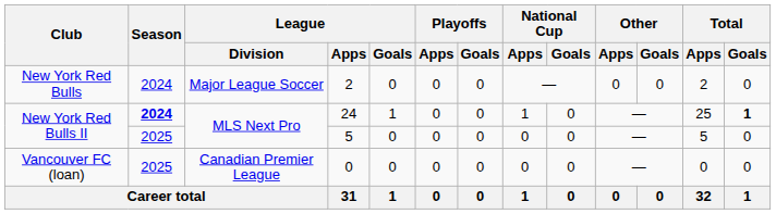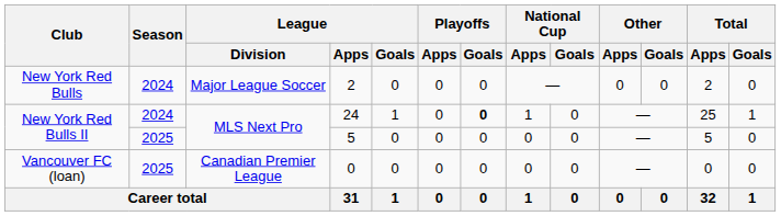 <table class=wikitable style=text-align:center>
 <tr>
 <th rowspan=2>Club</th>
 <th rowspan=2>Season</th>
 <th colspan=3>League</th>
 <th colspan=2>Playoffs</th>
 <th colspan=2>National Cup</th>
 <th colspan=2>Other</th>
 <th colspan=2>Total</th>
 </tr>
 <tr>
 <th>Division</th>
 <th>Apps</th>
 <th>Goals</th>
 <th>Apps</th>
 <th>Goals</th>
 <th>Apps</th>
 <th>Goals</th>
 <th>Apps</th>
 <th>Goals</th>
 <th>Apps</th>
 <th>Goals</th>
 </tr>
 <tr>
 <td><a href='#'>New York Red Bulls</a></td>
 <td><a href='#'>2024</a></td>
 <td><a href='#'>Major League Soccer</a></td>
 <td>2</td>
 <td>0</td>
 <td>0</td>
 <td>0</td>
 <td colspan=2>—</td>
 <td>0</td>
 <td>0</td>
 <td>2</td>
 <td>0</td>
 </tr>
 <tr>
 <td rowspan="2"><a href='#'>New York Red Bulls II</a></td>
-<td><strong><a href='#'>2024</a></strong></td>
+<td><a href='#'>2024</a></td>
 <td rowspan="2"><a href='#'>MLS Next Pro</a></td>
 <td>24</td>
 <td>1</td>
 <td>0</td>
-<td>0</td>
+<td><strong>0</strong></td>
 <td>1</td>
 <td>0</td>
 <td colspan=2>—</td>
 <td>25</td>
-<td><strong>1</strong></td>
+<td>1</td>
 </tr>
 <tr>
 <td><a href='#'>2025</a></td>
 <td>5</td>
 <td>0</td>
 <td>0</td>
 <td>0</td>
 <td>0</td>
 <td>0</td>
 <td colspan="2">—</td>
 <td>5</td>
 <td>0</td>
 </tr>
 <tr>
 <td><a href='#'>Vancouver FC</a> (loan)</td>
 <td><a href='#'>2025</a></td>
 <td><a href='#'>Canadian Premier League</a></td>
 <td>0</td>
 <td>0</td>
 <td>0</td>
 <td>0</td>
 <td>0</td>
 <td>0</td>
 <td colspan=2>—</td>
 <td>0</td>
 <td>0</td>
 </tr>
 <tr>
 <th colspan="3">Career total</th>
 <th>31</th>
 <th>1</th>
 <th>0</th>
 <th>0</th>
 <th>1</th>
 <th>0</th>
 <th>0</th>
 <th>0</th>
 <th>32</th>
 <th>1</th>
 </tr>
 </table>
